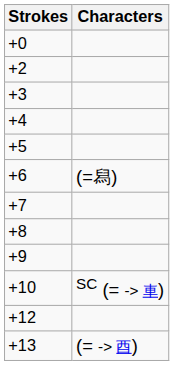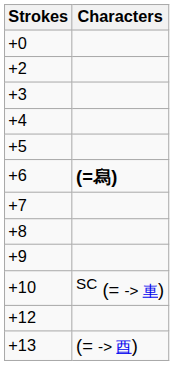 <table class="wikitable">
 <tr>
 <th>Strokes</th>
 <th>Characters</th>
 </tr>
 <tr>
 <td>+0</td>
 <td style="font-size: large;"> </td>
 </tr>
 <tr>
 <td>+2</td>
 <td style="font-size: large;"> </td>
 </tr>
 <tr>
 <td>+3</td>
 <td style="font-size: large;"></td>
 </tr>
 <tr>
 <td>+4</td>
 <td style="font-size: large;"> </td>
 </tr>
 <tr>
 <td>+5</td>
 <td style="font-size: large;"></td>
 </tr>
 <tr>
 <td>+6</td>
-<td style="font-size: large;"> (=舄) </td>
+<td style="font-size: large;"><strong> (=舄) </strong></td>
 </tr>
 <tr>
 <td>+7</td>
 <td style="font-size: large;"></td>
 </tr>
 <tr>
 <td>+8</td>
 <td style="font-size: large;"></td>
 </tr>
 <tr>
 <td>+9</td>
 <td style="font-size: large;"></td>
 </tr>
 <tr>
 <td>+10</td>
 <td style="font-size: large;"><sup>SC</sup> (= <small>-> <a href='#'>車</a></small>) </td>
 </tr>
 <tr>
 <td>+12</td>
 <td style="font-size: large;"></td>
 </tr>
 <tr>
 <td>+13</td>
 <td style="font-size: large;"> (= <small>-> <a href='#'>酉</a></small>)</td>
 </tr>
 </table>
